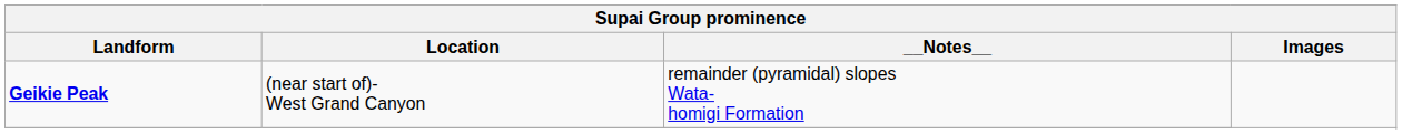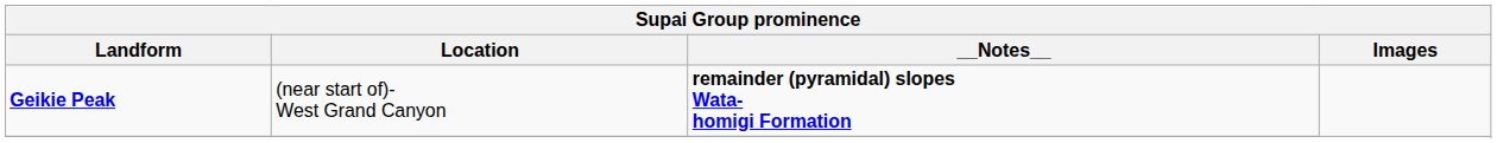 <table class="wikitable" align="center" width="100%">
 <tr>
 <th colspan="5" align="center"><strong>Supai Group prominence</strong></th>
 </tr>
 <tr>
 <th>Landform</th>
 <th>Location</th>
 <th>__Notes__</th>
 <th>Images</th>
 </tr>
 <tr>
 <td><strong><a href='#'>Geikie Peak</a></strong></td>
 <td>(near start of)-<br>West Grand Canyon</td>
-<td>remainder (pyramidal) slopes<br><a href='#'>Wata-</a> <br><a href='#'>homigi Formation</a></td>
+<td><strong>remainder (pyramidal) slopes<br><a href='#'>Wata-</a> <br><a href='#'>homigi Formation</a></strong></td>
 <td rowspan="99"><br></td>
 </tr>
 <tr>
 </tr>
 </table>
